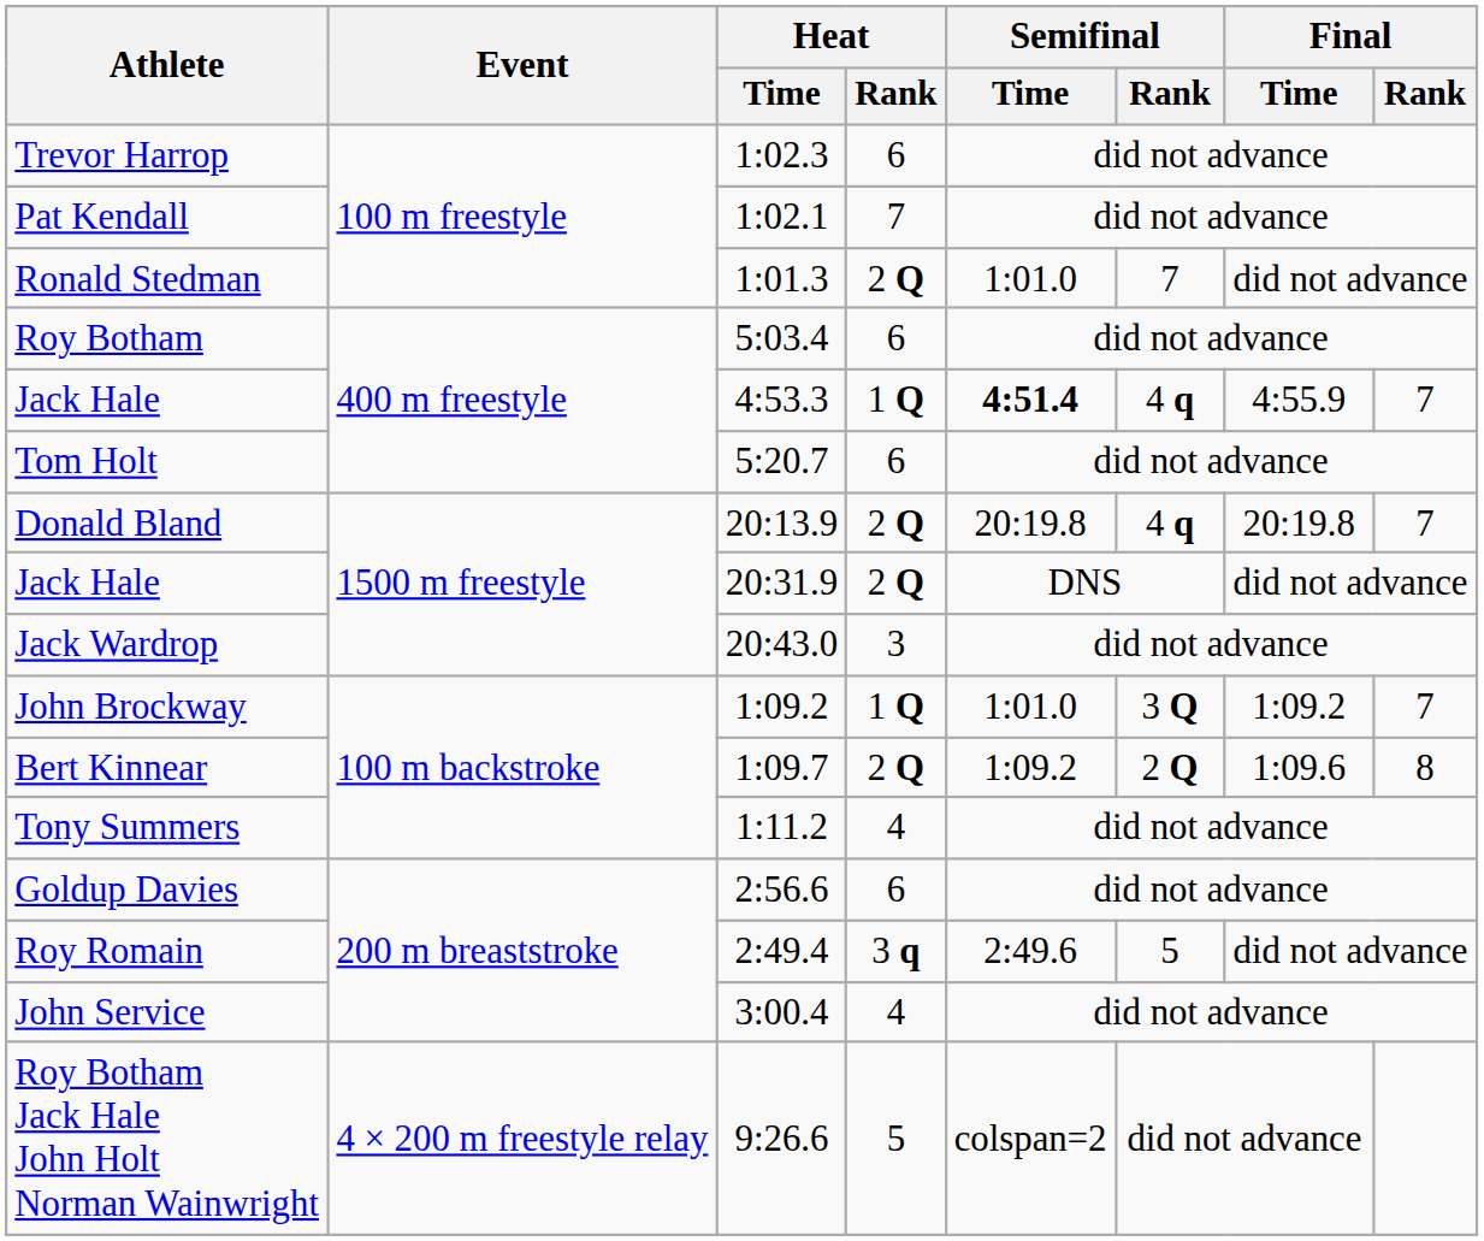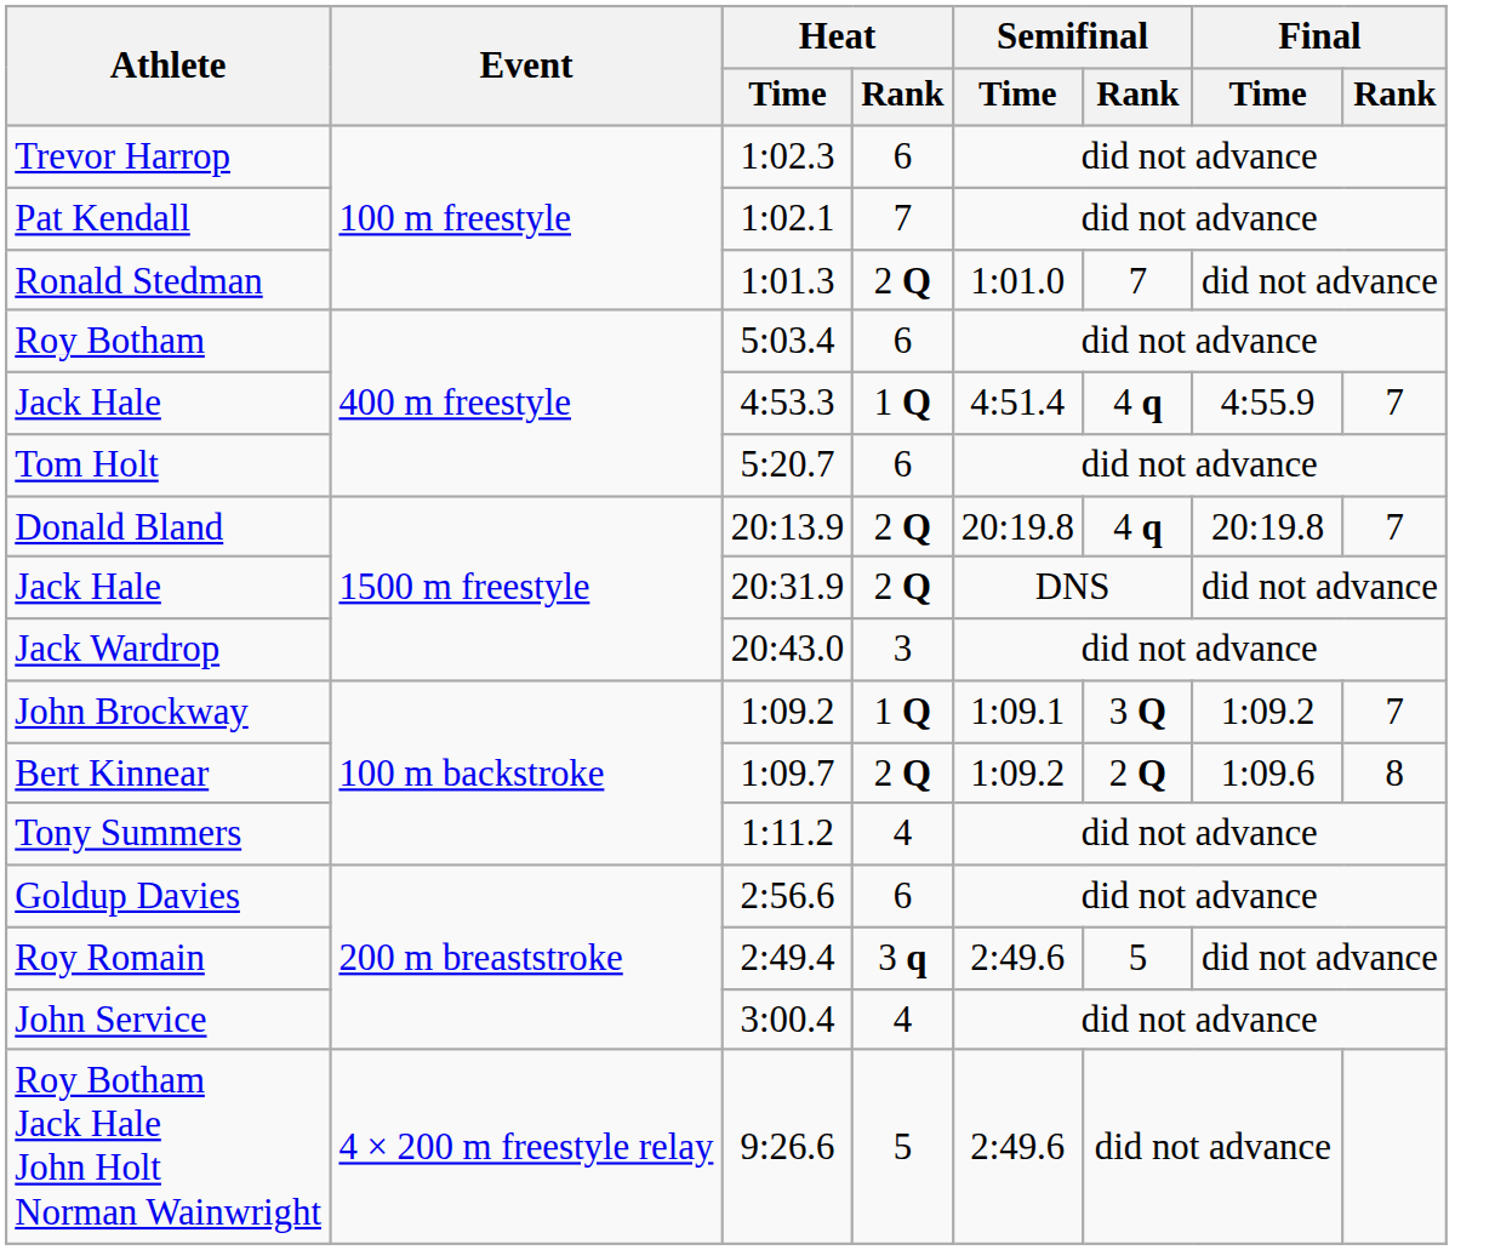 <table class=wikitable style=font-size:90%;text-align:center>
 <tr>
 <th rowspan=2>Athlete</th>
 <th rowspan=2>Event</th>
 <th colspan=2>Heat</th>
 <th colspan=2>Semifinal</th>
 <th colspan=2>Final</th>
 </tr>
 <tr style=font-size:95%>
 <th>Time</th>
 <th>Rank</th>
 <th>Time</th>
 <th>Rank</th>
 <th>Time</th>
 <th>Rank</th>
 </tr>
 <tr>
 <td align=left><a href='#'>Trevor Harrop</a></td>
 <td align=left rowspan=3><a href='#'>100 m freestyle</a></td>
 <td>1:02.3</td>
 <td>6</td>
 <td colspan=4>did not advance</td>
 </tr>
 <tr>
 <td align=left><a href='#'>Pat Kendall</a></td>
 <td>1:02.1</td>
 <td>7</td>
 <td colspan=4>did not advance</td>
 </tr>
 <tr>
 <td align=left><a href='#'>Ronald Stedman</a></td>
 <td>1:01.3</td>
 <td>2 <strong>Q</strong></td>
 <td>1:01.0</td>
 <td>7</td>
 <td colspan=2>did not advance</td>
 </tr>
 <tr>
 <td align=left><a href='#'>Roy Botham</a></td>
 <td align=left rowspan=3><a href='#'>400 m freestyle</a></td>
 <td>5:03.4</td>
 <td>6</td>
 <td colspan=4>did not advance</td>
 </tr>
 <tr>
 <td align=left><a href='#'>Jack Hale</a></td>
 <td>4:53.3</td>
 <td>1 <strong>Q</strong></td>
-<td><strong>4:51.4</strong></td>
+<td>4:51.4</td>
 <td>4 <strong>q</strong></td>
 <td>4:55.9</td>
 <td>7</td>
 </tr>
 <tr>
 <td align=left><a href='#'>Tom Holt</a></td>
 <td>5:20.7</td>
 <td>6</td>
 <td colspan=4>did not advance</td>
 </tr>
 <tr>
 <td align=left><a href='#'>Donald Bland</a></td>
 <td align=left rowspan=3><a href='#'>1500 m freestyle</a></td>
 <td>20:13.9</td>
 <td>2 <strong>Q</strong></td>
 <td>20:19.8</td>
 <td>4 <strong>q</strong></td>
 <td>20:19.8</td>
 <td>7</td>
 </tr>
 <tr>
 <td align=left><a href='#'>Jack Hale</a></td>
 <td>20:31.9</td>
 <td>2 <strong>Q</strong></td>
 <td colspan=2>DNS</td>
 <td colspan=2>did not advance</td>
 </tr>
 <tr>
 <td align=left><a href='#'>Jack Wardrop</a></td>
 <td>20:43.0</td>
 <td>3</td>
 <td colspan=4>did not advance</td>
 </tr>
 <tr>
 <td align=left><a href='#'>John Brockway</a></td>
 <td align=left rowspan=3><a href='#'>100 m backstroke</a></td>
 <td>1:09.2</td>
 <td>1 <strong>Q</strong></td>
-<td>1:01.0</td>
+<td>1:09.1</td>
 <td>3 <strong>Q</strong></td>
 <td>1:09.2</td>
 <td>7</td>
 </tr>
 <tr>
 <td align=left><a href='#'>Bert Kinnear</a></td>
 <td>1:09.7</td>
 <td>2 <strong>Q</strong></td>
 <td>1:09.2</td>
 <td>2 <strong>Q</strong></td>
 <td>1:09.6</td>
 <td>8</td>
 </tr>
 <tr>
 <td align=left><a href='#'>Tony Summers</a></td>
 <td>1:11.2</td>
 <td>4</td>
 <td colspan=4>did not advance</td>
 </tr>
 <tr>
 <td align=left><a href='#'>Goldup Davies</a></td>
 <td align=left rowspan=3><a href='#'>200 m breaststroke</a></td>
 <td>2:56.6</td>
 <td>6</td>
 <td colspan=4>did not advance</td>
 </tr>
 <tr>
 <td align=left><a href='#'>Roy Romain</a></td>
 <td>2:49.4</td>
 <td>3 <strong>q</strong></td>
 <td>2:49.6</td>
 <td>5</td>
 <td colspan=2>did not advance</td>
 </tr>
 <tr>
 <td align=left><a href='#'>John Service</a></td>
 <td>3:00.4</td>
 <td>4</td>
 <td colspan=4>did not advance</td>
 </tr>
 <tr>
 <td align=left><a href='#'>Roy Botham</a><br><a href='#'>Jack Hale</a><br><a href='#'>John Holt</a><br><a href='#'>Norman Wainwright</a></td>
 <td align=left><a href='#'>4 × 200 m freestyle relay</a></td>
 <td>9:26.6</td>
 <td>5</td>
-<td>colspan=2 </td>
+<td>2:49.6</td>
 <td colspan=2>did not advance</td>
 </tr>
 </table>
